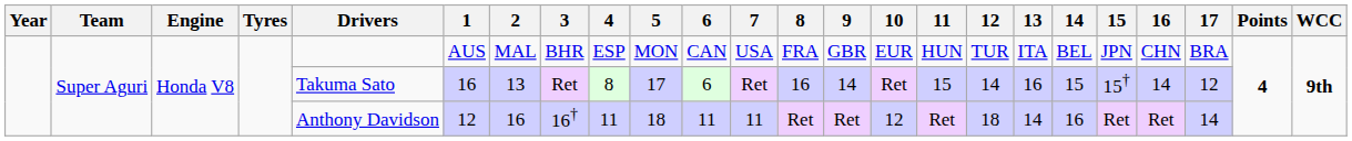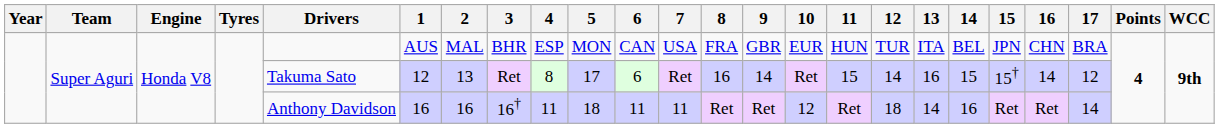 <table class="wikitable" style="text-align:center; font-size:95%">
 <tr>
 <th>Year</th>
 <th>Team</th>
 <th>Engine</th>
 <th>Tyres</th>
 <th>Drivers</th>
 <th>1</th>
 <th>2</th>
 <th>3</th>
 <th>4</th>
 <th>5</th>
 <th>6</th>
 <th>7</th>
 <th>8</th>
 <th>9</th>
 <th>10</th>
 <th>11</th>
 <th>12</th>
 <th>13</th>
 <th>14</th>
 <th>15</th>
 <th>16</th>
 <th>17</th>
 <th>Points</th>
 <th>WCC</th>
 </tr>
 <tr>
 <td rowspan="3"></td>
 <td rowspan="3"><a href='#'>Super Aguri</a></td>
 <td rowspan="3"><a href='#'>Honda</a> <a href='#'>V8</a></td>
 <td rowspan="3"></td>
 <td></td>
 <td><a href='#'>AUS</a></td>
 <td><a href='#'>MAL</a></td>
 <td><a href='#'>BHR</a></td>
 <td><a href='#'>ESP</a></td>
 <td><a href='#'>MON</a></td>
 <td><a href='#'>CAN</a></td>
 <td><a href='#'>USA</a></td>
 <td><a href='#'>FRA</a></td>
 <td><a href='#'>GBR</a></td>
 <td><a href='#'>EUR</a></td>
 <td><a href='#'>HUN</a></td>
 <td><a href='#'>TUR</a></td>
 <td><a href='#'>ITA</a></td>
 <td><a href='#'>BEL</a></td>
 <td><a href='#'>JPN</a></td>
 <td><a href='#'>CHN</a></td>
 <td><a href='#'>BRA</a></td>
 <td rowspan="3"><strong>4</strong></td>
 <td rowspan="3"><strong>9th</strong></td>
 </tr>
 <tr>
 <td align="left"> <a href='#'>Takuma Sato</a></td>
-<td style="background:#CFCFFF;">16</td>
+<td style="background:#CFCFFF;">12</td>
 <td style="background:#CFCFFF;">13</td>
 <td style="background:#EFCFFF;">Ret</td>
 <td style="background:#DFFFDF;">8</td>
 <td style="background:#CFCFFF;">17</td>
 <td style="background:#DFFFDF;">6</td>
 <td style="background:#EFCFFF;">Ret</td>
 <td style="background:#CFCFFF;">16</td>
 <td style="background:#CFCFFF;">14</td>
 <td style="background:#EFCFFF;">Ret</td>
 <td style="background:#CFCFFF;">15</td>
 <td style="background:#CFCFFF;">14</td>
 <td style="background:#CFCFFF;">16</td>
 <td style="background:#CFCFFF;">15</td>
 <td style="background:#CFCFFF;">15<sup>†</sup></td>
 <td style="background:#CFCFFF;">14</td>
 <td style="background:#CFCFFF;">12</td>
 </tr>
 <tr>
 <td align="left"> <a href='#'>Anthony Davidson</a></td>
-<td style="background:#CFCFFF;">12</td>
+<td style="background:#CFCFFF;">16</td>
 <td style="background:#CFCFFF;">16</td>
 <td style="background:#CFCFFF;">16<sup>†</sup></td>
 <td style="background:#CFCFFF;">11</td>
 <td style="background:#CFCFFF;">18</td>
 <td style="background:#CFCFFF;">11</td>
 <td style="background:#CFCFFF;">11</td>
 <td style="background:#EFCFFF;">Ret</td>
 <td style="background:#EFCFFF;">Ret</td>
 <td style="background:#CFCFFF;">12</td>
 <td style="background:#EFCFFF;">Ret</td>
 <td style="background:#CFCFFF;">18</td>
 <td style="background:#CFCFFF;">14</td>
 <td style="background:#CFCFFF;">16</td>
 <td style="background:#EFCFFF;">Ret</td>
 <td style="background:#EFCFFF;">Ret</td>
 <td style="background:#CFCFFF;">14</td>
 </tr>
 </table>
